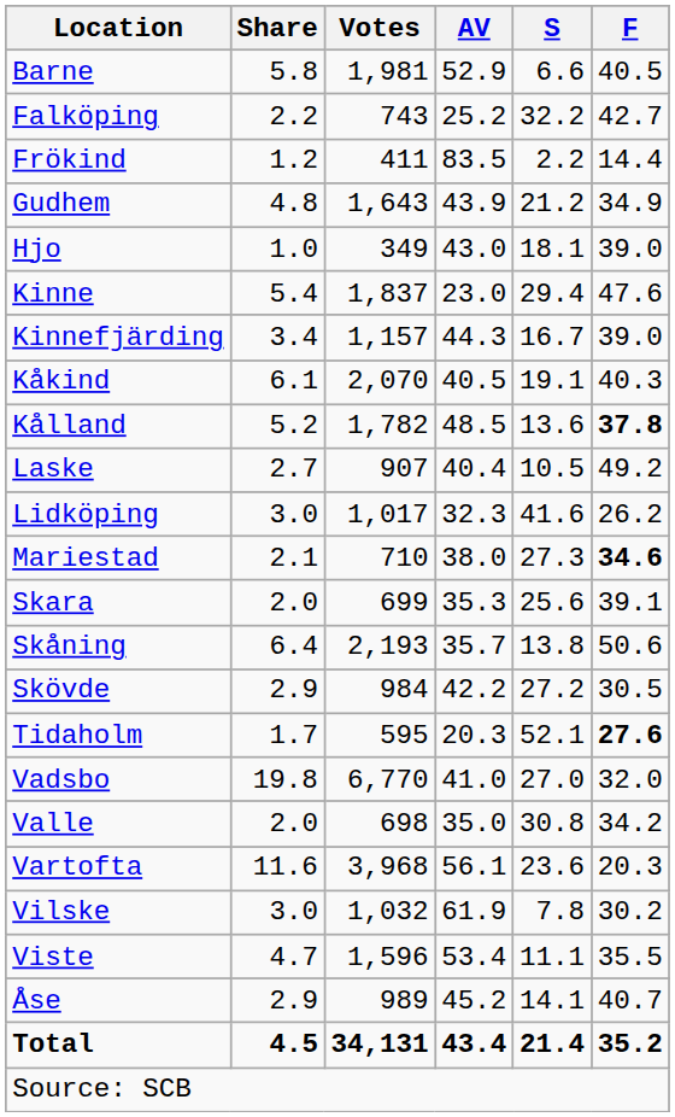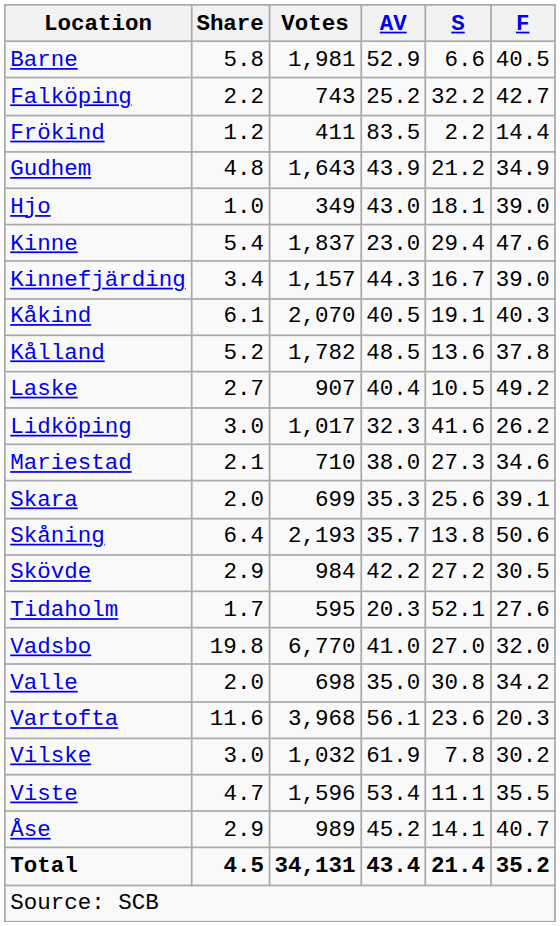 <table class="wikitable sortable" style=text-align:right>
 <tr>
 <th>Location</th>
 <th>Share</th>
 <th>Votes</th>
 <th><a href='#'>AV</a></th>
 <th><a href='#'>S</a></th>
 <th><a href='#'>F</a></th>
 </tr>
 <tr>
 <td align=left><a href='#'>Barne</a></td>
 <td>5.8</td>
 <td>1,981</td>
 <td>52.9</td>
 <td>6.6</td>
 <td>40.5</td>
 </tr>
 <tr>
 <td align=left><a href='#'>Falköping</a></td>
 <td>2.2</td>
 <td>743</td>
 <td>25.2</td>
 <td>32.2</td>
 <td>42.7</td>
 </tr>
 <tr>
 <td align=left><a href='#'>Frökind</a></td>
 <td>1.2</td>
 <td>411</td>
 <td>83.5</td>
 <td>2.2</td>
 <td>14.4</td>
 </tr>
 <tr>
 <td align=left><a href='#'>Gudhem</a></td>
 <td>4.8</td>
 <td>1,643</td>
 <td>43.9</td>
 <td>21.2</td>
 <td>34.9</td>
 </tr>
 <tr>
 <td align=left><a href='#'>Hjo</a></td>
 <td>1.0</td>
 <td>349</td>
 <td>43.0</td>
 <td>18.1</td>
 <td>39.0</td>
 </tr>
 <tr>
 <td align=left><a href='#'>Kinne</a></td>
 <td>5.4</td>
 <td>1,837</td>
 <td>23.0</td>
 <td>29.4</td>
 <td>47.6</td>
 </tr>
 <tr>
 <td align=left><a href='#'>Kinnefjärding</a></td>
 <td>3.4</td>
 <td>1,157</td>
 <td>44.3</td>
 <td>16.7</td>
 <td>39.0</td>
 </tr>
 <tr>
 <td align=left><a href='#'>Kåkind</a></td>
 <td>6.1</td>
 <td>2,070</td>
 <td>40.5</td>
 <td>19.1</td>
 <td>40.3</td>
 </tr>
 <tr>
 <td align=left><a href='#'>Kålland</a></td>
 <td>5.2</td>
 <td>1,782</td>
 <td>48.5</td>
 <td>13.6</td>
-<td><strong>37.8</strong></td>
+<td>37.8</td>
 </tr>
 <tr>
 <td align=left><a href='#'>Laske</a></td>
 <td>2.7</td>
 <td>907</td>
 <td>40.4</td>
 <td>10.5</td>
 <td>49.2</td>
 </tr>
 <tr>
 <td align=left><a href='#'>Lidköping</a></td>
 <td>3.0</td>
 <td>1,017</td>
 <td>32.3</td>
 <td>41.6</td>
 <td>26.2</td>
 </tr>
 <tr>
 <td align=left><a href='#'>Mariestad</a></td>
 <td>2.1</td>
 <td>710</td>
 <td>38.0</td>
 <td>27.3</td>
-<td><strong>34.6</strong></td>
+<td>34.6</td>
 </tr>
 <tr>
 <td align=left><a href='#'>Skara</a></td>
 <td>2.0</td>
 <td>699</td>
 <td>35.3</td>
 <td>25.6</td>
 <td>39.1</td>
 </tr>
 <tr>
 <td align=left><a href='#'>Skåning</a></td>
 <td>6.4</td>
 <td>2,193</td>
 <td>35.7</td>
 <td>13.8</td>
 <td>50.6</td>
 </tr>
 <tr>
 <td align=left><a href='#'>Skövde</a></td>
 <td>2.9</td>
 <td>984</td>
 <td>42.2</td>
 <td>27.2</td>
 <td>30.5</td>
 </tr>
 <tr>
 <td align=left><a href='#'>Tidaholm</a></td>
 <td>1.7</td>
 <td>595</td>
 <td>20.3</td>
 <td>52.1</td>
-<td><strong>27.6</strong></td>
+<td>27.6</td>
 </tr>
 <tr>
 <td align=left><a href='#'>Vadsbo</a></td>
 <td>19.8</td>
 <td>6,770</td>
 <td>41.0</td>
 <td>27.0</td>
 <td>32.0</td>
 </tr>
 <tr>
 <td align=left><a href='#'>Valle</a></td>
 <td>2.0</td>
 <td>698</td>
 <td>35.0</td>
 <td>30.8</td>
 <td>34.2</td>
 </tr>
 <tr>
 <td align=left><a href='#'>Vartofta</a></td>
 <td>11.6</td>
 <td>3,968</td>
 <td>56.1</td>
 <td>23.6</td>
 <td>20.3</td>
 </tr>
 <tr>
 <td align=left><a href='#'>Vilske</a></td>
 <td>3.0</td>
 <td>1,032</td>
 <td>61.9</td>
 <td>7.8</td>
 <td>30.2</td>
 </tr>
 <tr>
 <td align=left><a href='#'>Viste</a></td>
 <td>4.7</td>
 <td>1,596</td>
 <td>53.4</td>
 <td>11.1</td>
 <td>35.5</td>
 </tr>
 <tr>
 <td align=left><a href='#'>Åse</a></td>
 <td>2.9</td>
 <td>989</td>
 <td>45.2</td>
 <td>14.1</td>
 <td>40.7</td>
 </tr>
 <tr>
 <td align=left><strong>Total</strong></td>
 <td><strong>4.5</strong></td>
 <td><strong>34,131</strong></td>
 <td><strong>43.4</strong></td>
 <td><strong>21.4</strong></td>
 <td><strong>35.2</strong></td>
 </tr>
 <tr>
 <td align=left colspan=6>Source: SCB </td>
 </tr>
 </table>
